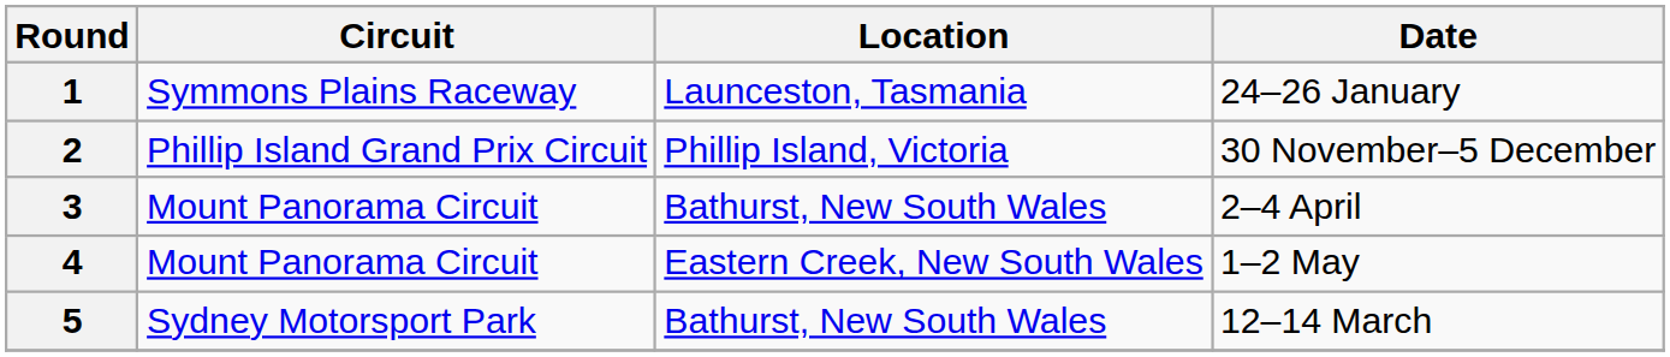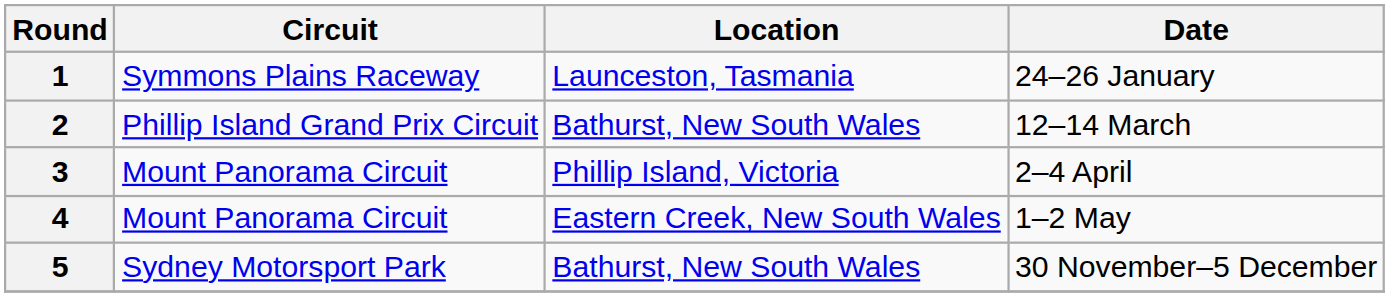 <table class="wikitable" style="font-size:85%">
 <tr>
 <th>Round</th>
 <th>Circuit</th>
 <th>Location</th>
 <th>Date</th>
 </tr>
 <tr>
 <th>1</th>
 <td> <a href='#'>Symmons Plains Raceway</a></td>
 <td><a href='#'>Launceston, Tasmania</a></td>
 <td>24–26 January</td>
 </tr>
 <tr>
 <th>2</th>
 <td> <a href='#'>Phillip Island Grand Prix Circuit</a></td>
-<td><a href='#'>Phillip Island, Victoria</a></td>
-<td>30 November–5 December</td>
+<td><a href='#'>Bathurst, New South Wales</a></td>
+<td>12–14 March</td>
 </tr>
 <tr>
 <th>3</th>
 <td> <a href='#'>Mount Panorama Circuit</a></td>
-<td><a href='#'>Bathurst, New South Wales</a></td>
+<td><a href='#'>Phillip Island, Victoria</a></td>
 <td>2–4 April</td>
 </tr>
 <tr>
 <th>4</th>
 <td> <a href='#'>Mount Panorama Circuit</a></td>
 <td nowrap><a href='#'>Eastern Creek, New South Wales</a></td>
 <td>1–2 May</td>
 </tr>
 <tr>
 <th>5</th>
 <td> <a href='#'>Sydney Motorsport Park</a></td>
 <td><a href='#'>Bathurst, New South Wales</a></td>
-<td>12–14 March</td>
+<td>30 November–5 December</td>
 </tr>
 <tr>
 </tr>
 </table>
